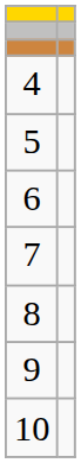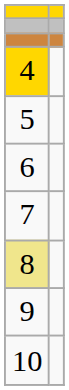 <table class="wikitable">
 <tr style="background:gold;">
 <td align=center></td>
 <td></td>
 </tr>
 <tr style="background:silver;">
 <td align=center></td>
 <td></td>
 </tr>
 <tr style="background:peru;">
 <td align=center></td>
 <td></td>
 </tr>
 <tr>
-<td align=center>4</td>
+<td align=center style="background: gold;">4</td>
 <td></td>
 </tr>
 <tr>
 <td align=center>5</td>
 <td></td>
 </tr>
 <tr>
 <td align=center>6</td>
 <td></td>
 </tr>
 <tr>
 <td align=center>7</td>
 <td></td>
 </tr>
 <tr>
-<td align=center>8</td>
+<td align=center style="background: khaki;">8</td>
 <td></td>
 </tr>
 <tr>
 <td align=center>9</td>
 <td></td>
 </tr>
 <tr>
 <td align=center>10</td>
 <td></td>
 </tr>
 </table>
